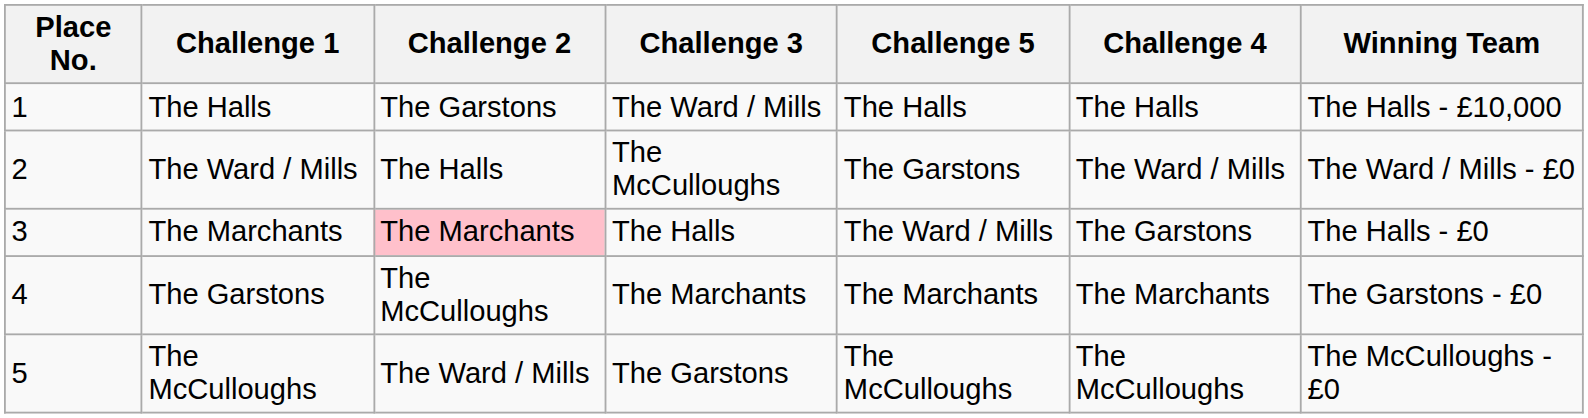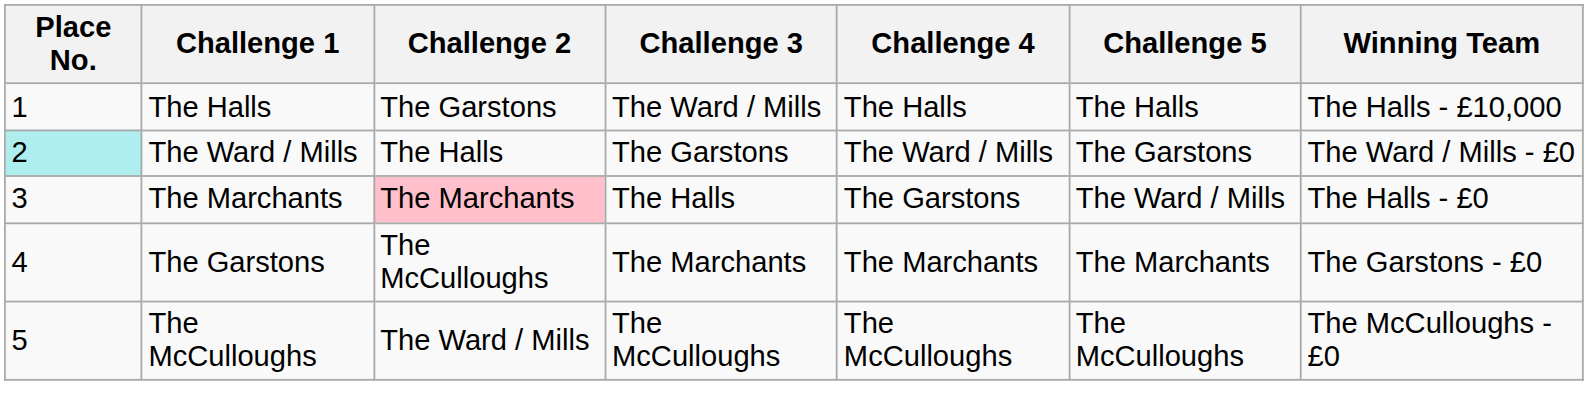 <table class="wikitable">
 <tr>
 <th>Place No.</th>
 <th>Challenge 1</th>
 <th>Challenge 2</th>
 <th>Challenge 3</th>
+<th>Challenge 4</th>
 <th>Challenge 5</th>
-<th>Challenge 4</th>
 <th>Winning Team</th>
 </tr>
 <tr>
 <td>1</td>
 <td>The Halls</td>
 <td>The Garstons</td>
 <td>The Ward / Mills</td>
 <td>The Halls</td>
 <td>The Halls</td>
 <td>The Halls - £10,000</td>
 </tr>
 <tr>
-<td>2</td>
+<td style="background: paleturquoise;">2</td>
 <td>The Ward / Mills</td>
 <td>The Halls</td>
-<td>The McCulloughs</td>
 <td>The Garstons</td>
 <td>The Ward / Mills</td>
+<td>The Garstons</td>
 <td>The Ward / Mills - £0</td>
 </tr>
 <tr>
 <td>3</td>
 <td>The Marchants</td>
 <td style="background: pink;">The Marchants</td>
 <td>The Halls</td>
+<td>The Garstons</td>
 <td>The Ward / Mills</td>
-<td>The Garstons</td>
 <td>The Halls - £0</td>
 </tr>
 <tr>
 <td>4</td>
 <td>The Garstons</td>
 <td>The McCulloughs</td>
 <td>The Marchants</td>
 <td>The Marchants</td>
 <td>The Marchants</td>
 <td>The Garstons - £0</td>
 </tr>
 <tr>
 <td>5</td>
 <td>The McCulloughs</td>
 <td>The Ward / Mills</td>
-<td>The Garstons</td>
+<td>The McCulloughs</td>
 <td>The McCulloughs</td>
 <td>The McCulloughs</td>
 <td>The McCulloughs - £0</td>
 </tr>
 </table>
